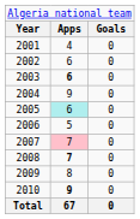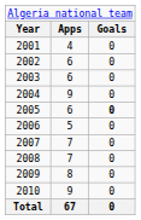 <table class="wikitable" style="text-align:center">
 <tr>
 <td colspan="3"><a href='#'>Algeria national team</a></td>
 </tr>
 <tr>
 <th>Year</th>
 <th>Apps</th>
 <th>Goals</th>
 </tr>
 <tr>
 <td>2001</td>
 <td>4</td>
 <td>0</td>
 </tr>
 <tr>
 <td>2002</td>
 <td>6</td>
 <td>0</td>
 </tr>
 <tr>
 <td>2003</td>
-<td><strong>6</strong></td>
+<td>6</td>
 <td>0</td>
 </tr>
 <tr>
 <td>2004</td>
 <td>9</td>
 <td>0</td>
 </tr>
 <tr>
 <td>2005</td>
-<td style="background: paleturquoise;">6</td>
-<td>0</td>
+<td>6</td>
+<td><strong>0</strong></td>
 </tr>
 <tr>
 <td>2006</td>
 <td>5</td>
 <td>0</td>
 </tr>
 <tr>
 <td>2007</td>
-<td style="background: pink;">7</td>
+<td>7</td>
 <td>0</td>
 </tr>
 <tr>
 <td>2008</td>
-<td><strong>7</strong></td>
+<td>7</td>
 <td>0</td>
 </tr>
 <tr>
 <td>2009</td>
 <td>8</td>
 <td>0</td>
 </tr>
 <tr>
 <td>2010</td>
-<td><strong>9</strong></td>
+<td>9</td>
 <td>0</td>
 </tr>
 <tr>
 <th>Total</th>
 <th>67</th>
 <th>0</th>
 </tr>
 </table>
